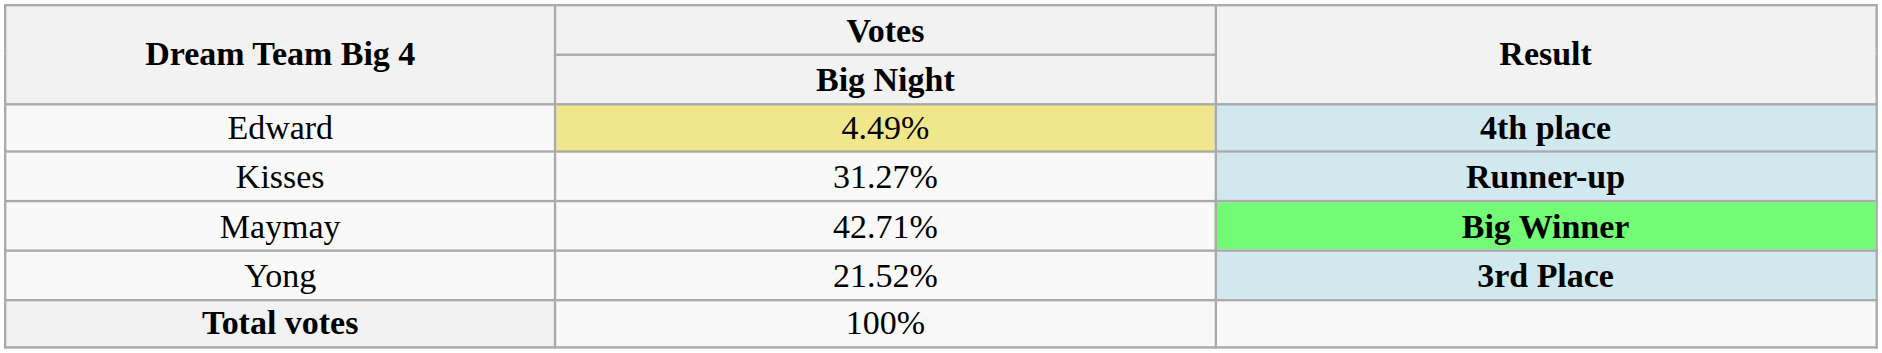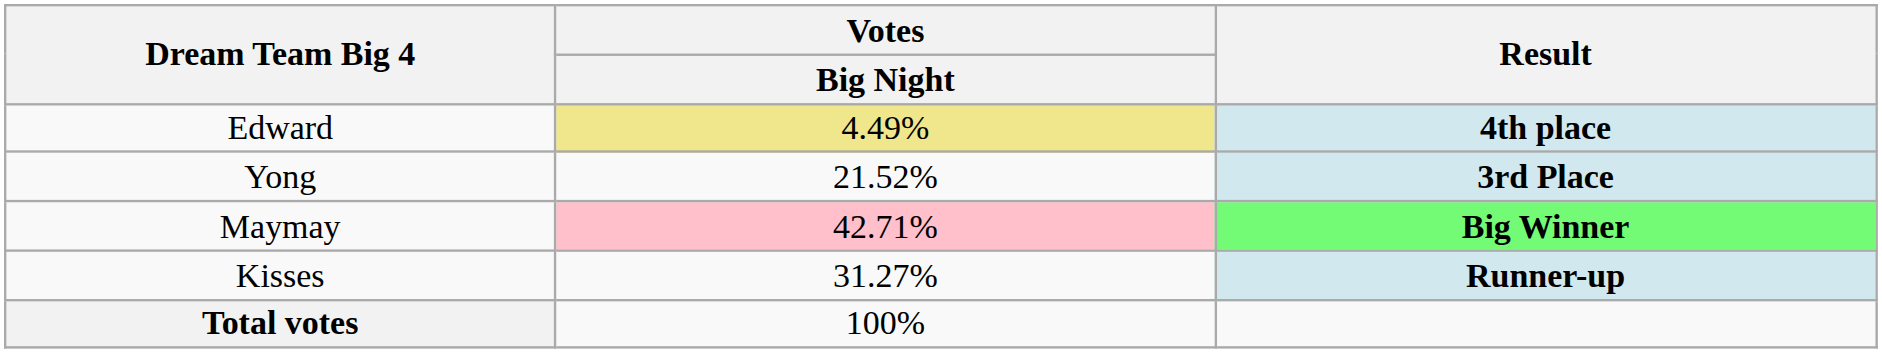 <table class="wikitable" style="text-align:center; font-size:90%; line-height:14px;" width="40%">
 <tr>
 <th rowspan="2" width="25%">Dream Team Big 4</th>
 <th colspan="1" width="30%">Votes</th>
 <th rowspan="2" width="30%">Result</th>
 </tr>
 <tr>
 <th width="05%">Big Night</th>
 </tr>
 <tr>
 <td>Edward</td>
 <td style="background: khaki;">4.49%</td>
 <td align="center" bgcolor="#D1E8EF"><strong>4th place</strong></td>
 </tr>
 <tr>
+<td>Yong</td>
+<td>21.52%</td>
+<td align="center" bgcolor="#D1E8EF"><strong>3rd Place</strong></td>
+</tr>
+<tr>
+<td>Maymay</td>
+<td style="background: pink;">42.71%</td>
+<td align="center" bgcolor="#73FB76"><strong>Big Winner</strong></td>
+</tr>
+<tr>
 <td>Kisses</td>
 <td>31.27%</td>
 <td align="center" bgcolor="#D1E8EF"><strong>Runner-up</strong></td>
-</tr>
-<tr>
-<td>Maymay</td>
-<td>42.71%</td>
-<td align="center" bgcolor="#73FB76"><strong>Big Winner</strong></td>
-</tr>
-<tr>
-<td>Yong</td>
-<td>21.52%</td>
-<td align="center" bgcolor="#D1E8EF"><strong>3rd Place</strong></td>
 </tr>
 <tr>
 <th colspan=1>Total votes</th>
 <td>100%</td>
 <td></td>
 </tr>
 </table>
